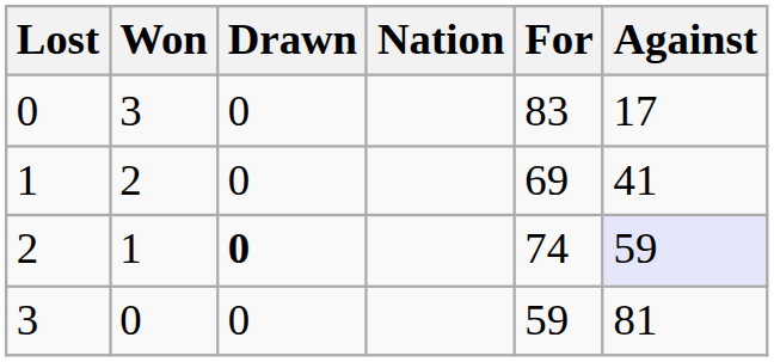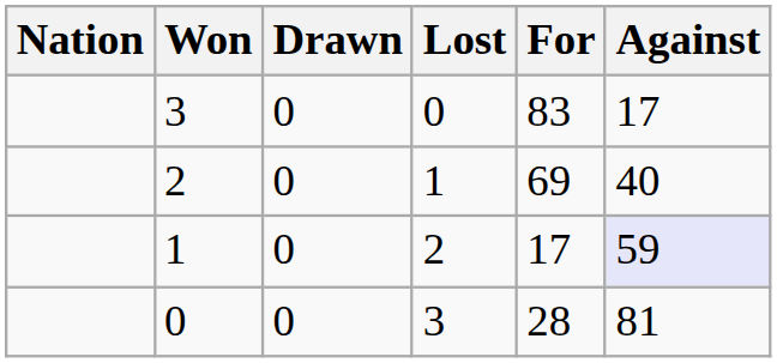 <table class="wikitable">
 <tr>
-<th>Lost</th>
+<th>Nation</th>
 <th>Won</th>
 <th>Drawn</th>
-<th>Nation</th>
+<th>Lost</th>
 <th>For</th>
 <th>Against</th>
 </tr>
 <tr>
-<td>0</td>
+<td></td>
 <td>3</td>
 <td>0</td>
-<td></td>
+<td>0</td>
 <td>83</td>
 <td>17</td>
 </tr>
 <tr>
-<td>1</td>
+<td></td>
 <td>2</td>
 <td>0</td>
-<td></td>
+<td>1</td>
 <td>69</td>
-<td>41</td>
+<td>40</td>
 </tr>
 <tr>
+<td></td>
+<td>1</td>
+<td>0</td>
 <td>2</td>
-<td>1</td>
-<td><strong>0</strong></td>
-<td></td>
-<td>74</td>
+<td>17</td>
 <td style="background: lavender;">59</td>
 </tr>
 <tr>
-<td>3</td>
+<td></td>
 <td>0</td>
 <td>0</td>
-<td></td>
-<td>59</td>
+<td>3</td>
+<td>28</td>
 <td>81</td>
 </tr>
 </table>
